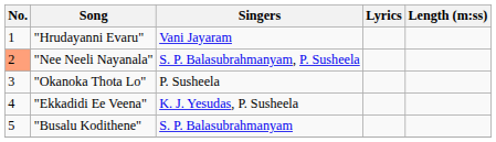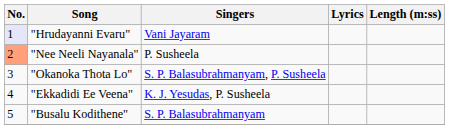 <table class="wikitable" style="font-size:95%;">
 <tr>
 <th>No.</th>
 <th>Song</th>
 <th>Singers</th>
 <th>Lyrics</th>
 <th>Length (m:ss)</th>
 </tr>
 <tr>
-<td>1</td>
+<td style="background: lavender;">1</td>
 <td>"Hrudayanni Evaru"</td>
 <td><a href='#'>Vani Jayaram</a></td>
 <td></td>
 <td></td>
 </tr>
 <tr>
 <td style="background: lightsalmon;">2</td>
 <td>"Nee Neeli Nayanala"</td>
-<td><a href='#'>S. P. Balasubrahmanyam</a>, <a href='#'>P. Susheela</a></td>
+<td>P. Susheela</td>
 <td></td>
 <td></td>
 </tr>
 <tr>
 <td>3</td>
 <td>"Okanoka Thota Lo"</td>
-<td>P. Susheela</td>
+<td><a href='#'>S. P. Balasubrahmanyam</a>, <a href='#'>P. Susheela</a></td>
 <td></td>
 <td></td>
 </tr>
 <tr>
 <td>4</td>
 <td>"Ekkadidi Ee Veena"</td>
 <td><a href='#'>K. J. Yesudas</a>, P. Susheela</td>
 <td></td>
 <td></td>
 </tr>
 <tr>
 <td>5</td>
 <td>"Busalu Kodithene"</td>
 <td><a href='#'>S. P. Balasubrahmanyam</a></td>
 <td></td>
 <td></td>
 </tr>
 <tr>
 </tr>
 </table>
